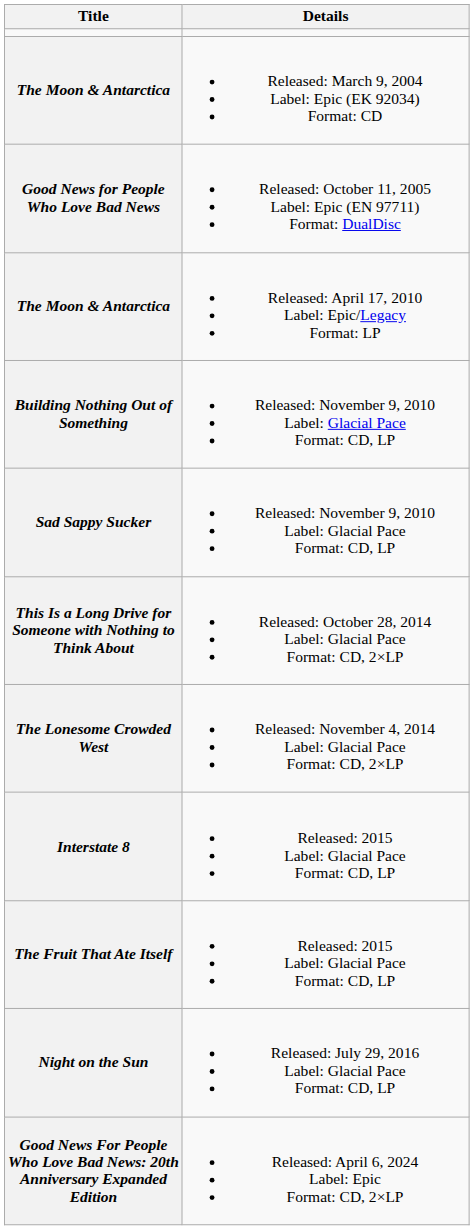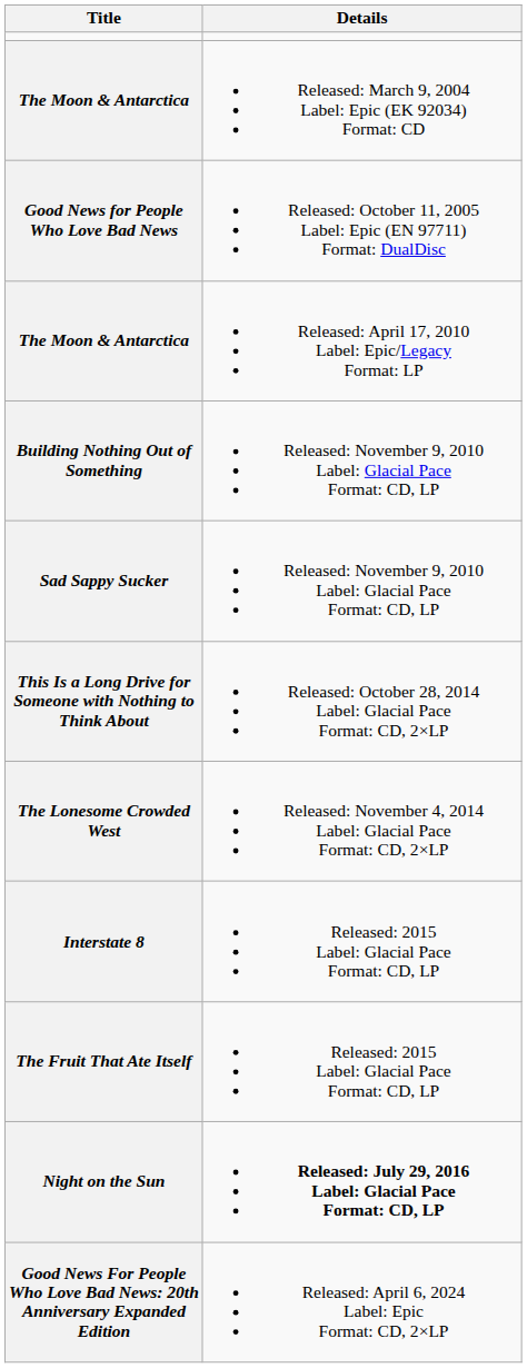 <table class="wikitable plainrowheaders" style="text-align:center">
 <tr>
 <th scope="col" style="width:11em;">Title</th>
 <th scope="col" style="width:18em;">Details</th>
 </tr>
 <tr>
 <td></td>
 </tr>
 <tr>
 <th scope="row"><em>The Moon & Antarctica</em></th>
 <td><br><ul><li>Released: March 9, 2004</li><li>Label: Epic (EK 92034)</li><li>Format: CD</li></ul></td>
 </tr>
 <tr>
 <th scope="row"><em>Good News for People Who Love Bad News</em></th>
 <td><br><ul><li>Released: October 11, 2005</li><li>Label: Epic (EN 97711)</li><li>Format: <a href='#'>DualDisc</a></li></ul></td>
 </tr>
 <tr>
 <th scope="row"><em>The Moon & Antarctica</em></th>
 <td><br><ul><li>Released: April 17, 2010</li><li>Label: Epic/<a href='#'>Legacy</a></li><li>Format: LP</li></ul></td>
 </tr>
 <tr>
 <th scope="row"><em>Building Nothing Out of Something</em></th>
 <td><br><ul><li>Released: November 9, 2010</li><li>Label: <a href='#'>Glacial Pace</a></li><li>Format: CD, LP</li></ul></td>
 </tr>
 <tr>
 <th scope="row"><em>Sad Sappy Sucker</em></th>
 <td><br><ul><li>Released: November 9, 2010</li><li>Label: Glacial Pace</li><li>Format: CD, LP</li></ul></td>
 </tr>
 <tr>
 <th scope="row"><em>This Is a Long Drive for Someone with Nothing to Think About</em></th>
 <td><br><ul><li>Released: October 28, 2014</li><li>Label: Glacial Pace</li><li>Format: CD, 2×LP</li></ul></td>
 </tr>
 <tr>
 <th scope="row"><em>The Lonesome Crowded West</em></th>
 <td><br><ul><li>Released: November 4, 2014</li><li>Label: Glacial Pace</li><li>Format: CD, 2×LP</li></ul></td>
 </tr>
 <tr>
 <th scope="row"><em>Interstate 8</em></th>
 <td><br><ul><li>Released: 2015</li><li>Label: Glacial Pace</li><li>Format: CD, LP</li></ul></td>
 </tr>
 <tr>
 <th scope="row"><em>The Fruit That Ate Itself</em></th>
 <td><br><ul><li>Released: 2015</li><li>Label: Glacial Pace</li><li>Format: CD, LP</li></ul></td>
 </tr>
 <tr>
 <th scope="row"><em>Night on the Sun</em></th>
-<td><br><ul><li>Released: July 29, 2016</li><li>Label: Glacial Pace</li><li>Format: CD, LP</li></ul></td>
+<td><strong><br><ul><li>Released: July 29, 2016</li><li>Label: Glacial Pace</li><li>Format: CD, LP</li></ul></strong></td>
 </tr>
 <tr>
 <th scope="row"><em>Good News For People Who Love Bad News: 20th Anniversary Expanded Edition</em></th>
 <td><br><ul><li>Released: April 6, 2024</li><li>Label: Epic</li><li>Format: CD, 2×LP</li></ul></td>
 </tr>
 </table>
